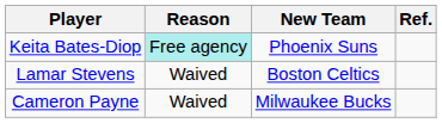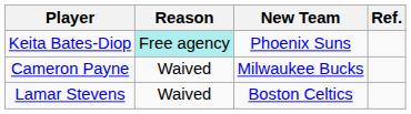 <table class="wikitable sortable sortable" style="text-align: center">
 <tr>
 <th>Player</th>
 <th>Reason</th>
 <th>New Team</th>
 <th>Ref.</th>
 </tr>
 <tr>
 <td><a href='#'>Keita Bates-Diop</a></td>
 <td style="background: paleturquoise;">Free agency</td>
 <td><a href='#'>Phoenix Suns</a></td>
 <td></td>
 </tr>
 <tr>
+<td><a href='#'>Cameron Payne</a></td>
+<td>Waived</td>
+<td><a href='#'>Milwaukee Bucks</a></td>
+<td></td>
+</tr>
+<tr>
 <td><a href='#'>Lamar Stevens</a></td>
 <td>Waived</td>
 <td><a href='#'>Boston Celtics</a></td>
 <td></td>
 </tr>
-<tr>
-<td><a href='#'>Cameron Payne</a></td>
-<td>Waived</td>
-<td><a href='#'>Milwaukee Bucks</a></td>
-<td></td>
-</tr>
 </table>
